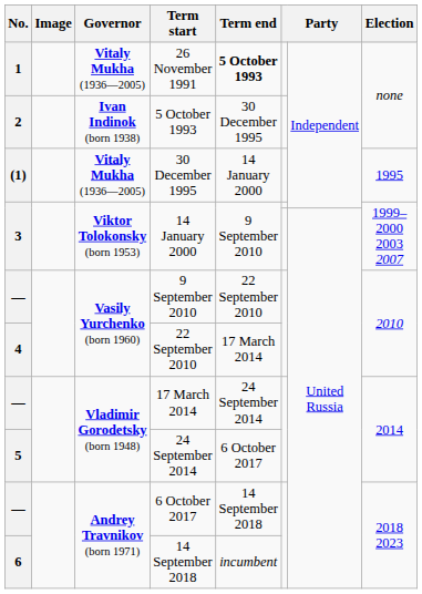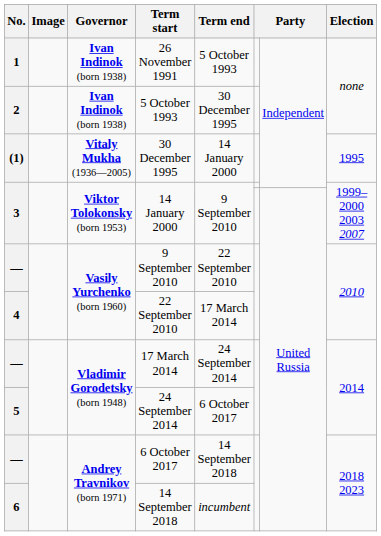 <table class="wikitable" style="text-align:center" width="70%">
 <tr style="background:#cccccc" bgcolor=#E6E6AA>
 <th>No.</th>
 <th>Image</th>
 <th>Governor</th>
 <th>Term start</th>
 <th>Term end</th>
 <th colspan=2>Party</th>
 <th>Election</th>
 </tr>
 <tr>
 <th>1</th>
 <td></td>
-<td><strong><a href='#'>Vitaly Mukha</a></strong><br><small>(1936—2005)</small></td>
+<td><strong><a href='#'>Ivan Indinok</a></strong><br><small>(born 1938)</small></td>
 <td>26 November 1991</td>
-<td><strong>5 October 1993</strong></td>
+<td>5 October 1993</td>
 <td style="background: "></td>
 <td rowspan=4><a href='#'>Independent</a></td>
 <td rowspan=2><em>none</em></td>
 </tr>
 <tr>
 <th>2</th>
 <td></td>
 <td><strong><a href='#'>Ivan Indinok</a></strong><br><small>(born 1938)</small></td>
 <td>5 October 1993</td>
 <td>30 December 1995</td>
 <td style="background: "></td>
 </tr>
 <tr>
 <th>(1)</th>
 <td></td>
 <td><strong><a href='#'>Vitaly Mukha</a></strong><br><small>(1936—2005)</small></td>
 <td>30 December 1995</td>
 <td>14 January 2000</td>
 <td style="background: "></td>
 <td><a href='#'>1995</a></td>
 </tr>
 <tr>
 <th rowspan=2>3</th>
 <td rowspan=2></td>
 <td rowspan=2><strong><a href='#'>Viktor Tolokonsky</a></strong><br><small>(born 1953)</small></td>
 <td rowspan=2>14 January 2000</td>
 <td rowspan=2>9 September 2010</td>
 <td style="background: "></td>
 <td rowspan=2><a href='#'>1999–2000</a><br><a href='#'>2003</a><br><em><a href='#'>2007</a></em></td>
 </tr>
 <tr>
 <td style="background: "></td>
 <td rowspan=7><a href='#'>United Russia</a></td>
 </tr>
 <tr>
 <th>—</th>
 <td rowspan = 2></td>
 <td rowspan = 2><strong><a href='#'>Vasily Yurchenko</a></strong><br><small>(born 1960)</small></td>
 <td>9 September 2010</td>
 <td>22 September 2010</td>
 <td rowspan=2; style="background: "></td>
 <td rowspan = 2><em><a href='#'>2010</a></em></td>
 </tr>
 <tr>
 <th>4</th>
 <td>22 September 2010</td>
 <td>17 March 2014</td>
 </tr>
 <tr>
 <th>—</th>
 <td rowspan = 2></td>
 <td rowspan = 2><strong><a href='#'>Vladimir Gorodetsky</a></strong><br><small>(born 1948)</small></td>
 <td>17 March 2014</td>
 <td>24 September 2014</td>
 <td rowspan=2; style="background: "></td>
 <td rowspan = 2><a href='#'>2014</a></td>
 </tr>
 <tr>
 <th>5</th>
 <td>24 September 2014</td>
 <td>6 October 2017</td>
 </tr>
 <tr>
 <th>—</th>
 <td rowspan = 2></td>
 <td rowspan = 2><strong><a href='#'>Andrey Travnikov</a></strong><br><small>(born 1971)</small></td>
 <td>6 October 2017</td>
 <td>14 September 2018</td>
 <td rowspan=2; style="background: "></td>
 <td rowspan = 2><a href='#'>2018</a><br><a href='#'>2023</a></td>
 </tr>
 <tr>
 <th>6</th>
 <td>14 September 2018</td>
 <td><em>incumbent</em></td>
 </tr>
 </table>
